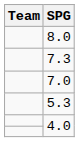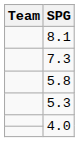 <table class=wikitable>
 <tr>
 <th>Team</th>
 <th>SPG</th>
 </tr>
 <tr>
 <td></td>
-<td align=center>8.0</td>
+<td align=center>8.1</td>
 </tr>
 <tr>
 <td></td>
 <td align=center>7.3</td>
 </tr>
 <tr>
 <td></td>
-<td align=center>7.0</td>
+<td align=center>5.8</td>
 </tr>
 <tr>
 <td></td>
 <td align=center>5.3</td>
 </tr>
 <tr>
 <td></td>
 <td align=center rowspan=2>4.0</td>
 </tr>
 <tr>
 <td></td>
 </tr>
 </table>
